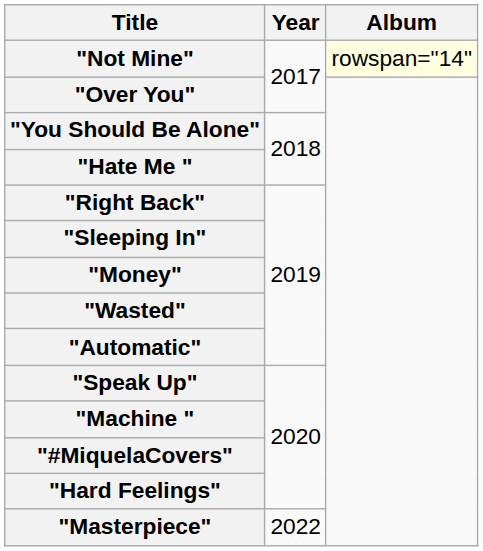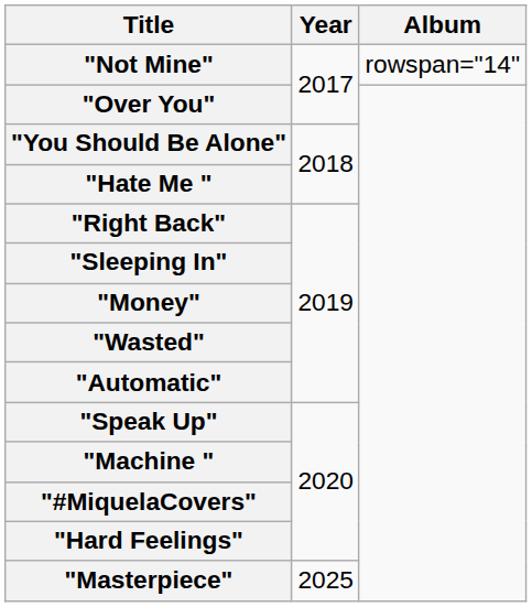 <table class="wikitable plainrowheaders" style="text-align:center">
 <tr>
 <th scope="col">Title</th>
 <th scope="col">Year</th>
 <th scope="col">Album</th>
 </tr>
 <tr>
 <th scope="row">"Not Mine"</th>
 <td rowspan=2>2017</td>
-<td style="background: lightyellow;">rowspan="14" </td>
+<td>rowspan="14" </td>
 </tr>
 <tr>
 <th scope="row">"Over You"</th>
 </tr>
 <tr>
 <th scope="row">"You Should Be Alone"</th>
 <td rowspan="2">2018</td>
 </tr>
 <tr>
 <th scope="row">"Hate Me "</th>
 </tr>
 <tr>
 <th scope="row">"Right Back"</th>
 <td rowspan=5>2019</td>
 </tr>
 <tr>
 <th scope="row">"Sleeping In"</th>
 </tr>
 <tr>
 <th scope="row">"Money"</th>
 </tr>
 <tr>
 <th scope="row">"Wasted"</th>
 </tr>
 <tr>
 <th scope="row">"Automatic"</th>
 </tr>
 <tr>
 <th scope="row">"Speak Up"</th>
 <td rowspan=4>2020</td>
 </tr>
 <tr>
 <th scope="row">"Machine "</th>
 </tr>
 <tr>
 <th scope="row">"#MiquelaCovers"</th>
 </tr>
 <tr>
 <th scope="row">"Hard Feelings"</th>
 </tr>
 <tr>
 <th scope="row">"Masterpiece"</th>
-<td>2022</td>
+<td>2025</td>
 </tr>
 </table>
